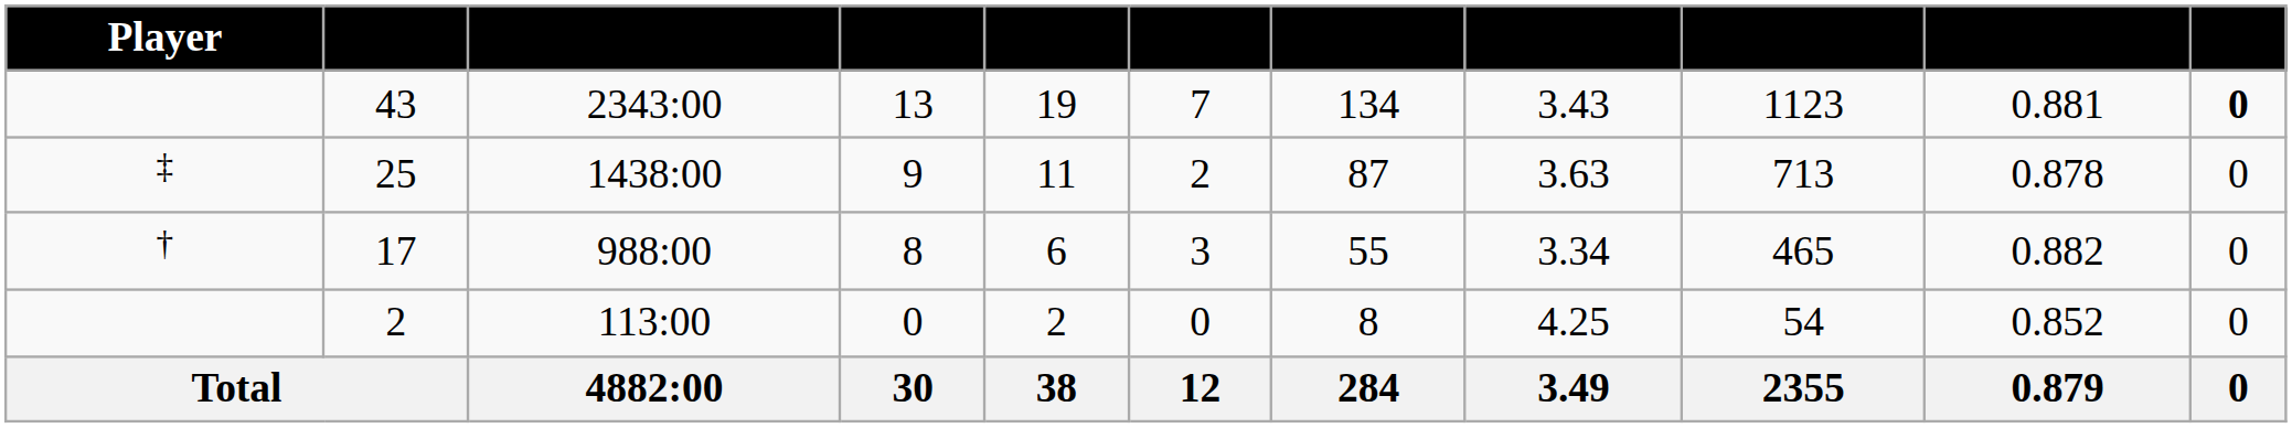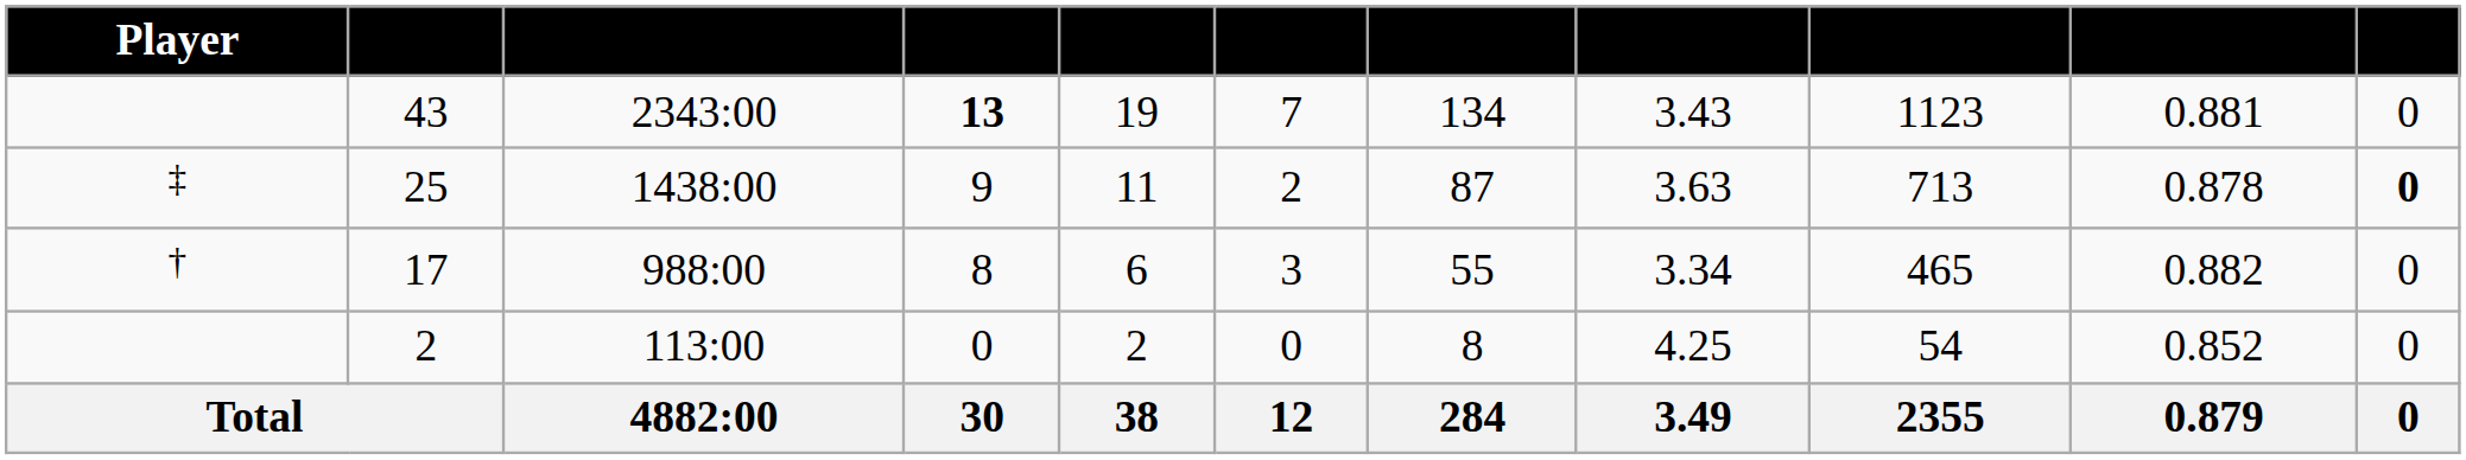 <table class="wikitable sortable" style="width:100%; text-align:center;">
 <tr>
 <th style="color:white; background:#000000; ">Player</th>
 <th style="color:white; background:#000000; "></th>
 <th style="color:white; background:#000000; "></th>
 <th style="color:white; background:#000000; "></th>
 <th style="color:white; background:#000000; "></th>
 <th style="color:white; background:#000000; "></th>
 <th style="color:white; background:#000000; "></th>
 <th style="color:white; background:#000000; "></th>
 <th style="color:white; background:#000000; "></th>
 <th style="color:white; background:#000000; "></th>
 <th style="color:white; background:#000000; "></th>
 </tr>
 <tr>
 <td></td>
 <td>43</td>
 <td>2343:00</td>
-<td>13</td>
+<td><strong>13</strong></td>
 <td>19</td>
 <td>7</td>
 <td>134</td>
 <td>3.43</td>
 <td>1123</td>
 <td>0.881</td>
-<td><strong>0</strong></td>
+<td>0</td>
 </tr>
 <tr>
 <td><sup>‡</sup></td>
 <td>25</td>
 <td>1438:00</td>
 <td>9</td>
 <td>11</td>
 <td>2</td>
 <td>87</td>
 <td>3.63</td>
 <td>713</td>
 <td>0.878</td>
-<td>0</td>
+<td><strong>0</strong></td>
 </tr>
 <tr>
 <td><sup>†</sup></td>
 <td>17</td>
 <td>988:00</td>
 <td>8</td>
 <td>6</td>
 <td>3</td>
 <td>55</td>
 <td>3.34</td>
 <td>465</td>
 <td>0.882</td>
 <td>0</td>
 </tr>
 <tr>
 <td></td>
 <td>2</td>
 <td>113:00</td>
 <td>0</td>
 <td>2</td>
 <td>0</td>
 <td>8</td>
 <td>4.25</td>
 <td>54</td>
 <td>0.852</td>
 <td>0</td>
 </tr>
 <tr class="sortbottom">
 <th colspan=2>Total</th>
 <th>4882:00</th>
 <th>30</th>
 <th>38</th>
 <th>12</th>
 <th>284</th>
 <th>3.49</th>
 <th>2355</th>
 <th>0.879</th>
 <th>0</th>
 </tr>
 </table>
